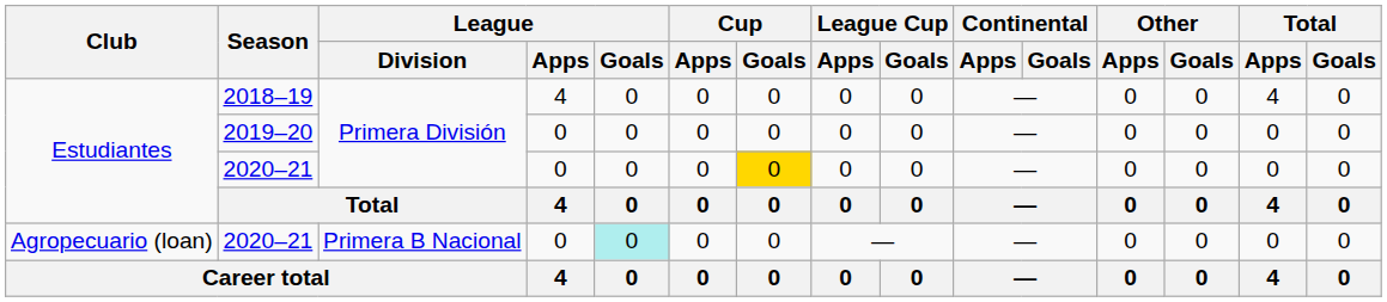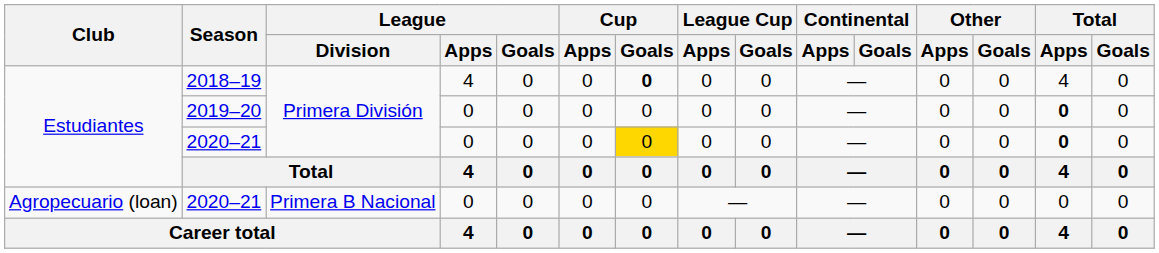 <table class="wikitable" style="text-align:center">
 <tr>
 <th rowspan="2">Club</th>
 <th rowspan="2">Season</th>
 <th colspan="3">League</th>
 <th colspan="2">Cup</th>
 <th colspan="2">League Cup</th>
 <th colspan="2">Continental</th>
 <th colspan="2">Other</th>
 <th colspan="2">Total</th>
 </tr>
 <tr>
 <th>Division</th>
 <th>Apps</th>
 <th>Goals</th>
 <th>Apps</th>
 <th>Goals</th>
 <th>Apps</th>
 <th>Goals</th>
 <th>Apps</th>
 <th>Goals</th>
 <th>Apps</th>
 <th>Goals</th>
 <th>Apps</th>
 <th>Goals</th>
 </tr>
 <tr>
 <td rowspan="4"><a href='#'>Estudiantes</a></td>
 <td><a href='#'>2018–19</a></td>
 <td rowspan="3"><a href='#'>Primera División</a></td>
 <td>4</td>
 <td>0</td>
 <td>0</td>
-<td>0</td>
+<td><strong>0</strong></td>
 <td>0</td>
 <td>0</td>
 <td colspan="2">—</td>
 <td>0</td>
 <td>0</td>
 <td>4</td>
 <td>0</td>
 </tr>
 <tr>
 <td><a href='#'>2019–20</a></td>
 <td>0</td>
 <td>0</td>
 <td>0</td>
 <td>0</td>
 <td>0</td>
 <td>0</td>
 <td colspan="2">—</td>
 <td>0</td>
 <td>0</td>
-<td>0</td>
+<td><strong>0</strong></td>
 <td>0</td>
 </tr>
 <tr>
 <td><a href='#'>2020–21</a></td>
 <td>0</td>
 <td>0</td>
 <td>0</td>
 <td style="background: gold;">0</td>
 <td>0</td>
 <td>0</td>
 <td colspan="2">—</td>
 <td>0</td>
 <td>0</td>
-<td>0</td>
+<td><strong>0</strong></td>
 <td>0</td>
 </tr>
 <tr>
 <th colspan="2">Total</th>
 <th>4</th>
 <th>0</th>
 <th>0</th>
 <th>0</th>
 <th>0</th>
 <th>0</th>
 <th colspan="2">—</th>
 <th>0</th>
 <th>0</th>
 <th>4</th>
 <th>0</th>
 </tr>
 <tr>
 <td rowspan="1"><a href='#'>Agropecuario</a> (loan)</td>
 <td><a href='#'>2020–21</a></td>
 <td rowspan="1"><a href='#'>Primera B Nacional</a></td>
 <td>0</td>
-<td style="background: paleturquoise;">0</td>
+<td>0</td>
 <td>0</td>
 <td>0</td>
 <td colspan="2">—</td>
 <td colspan="2">—</td>
 <td>0</td>
 <td>0</td>
 <td>0</td>
 <td>0</td>
 </tr>
 <tr>
 <th colspan="3">Career total</th>
 <th>4</th>
 <th>0</th>
 <th>0</th>
 <th>0</th>
 <th>0</th>
 <th>0</th>
 <th colspan="2">—</th>
 <th>0</th>
 <th>0</th>
 <th>4</th>
 <th>0</th>
 </tr>
 </table>
